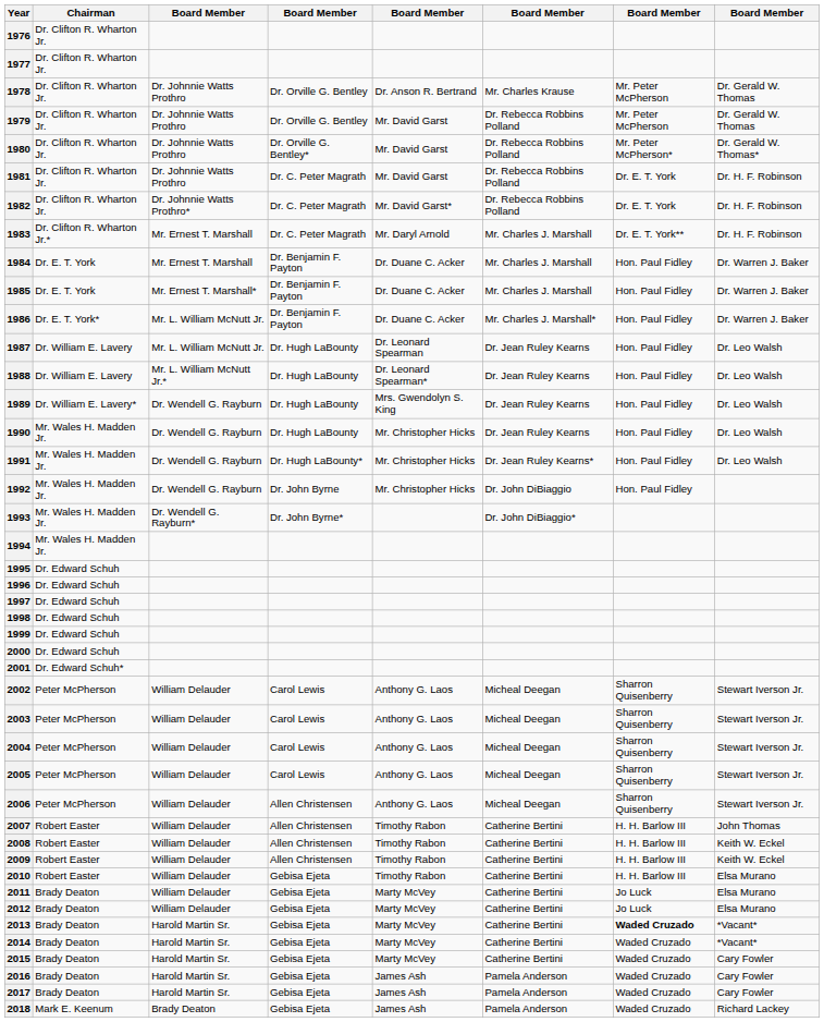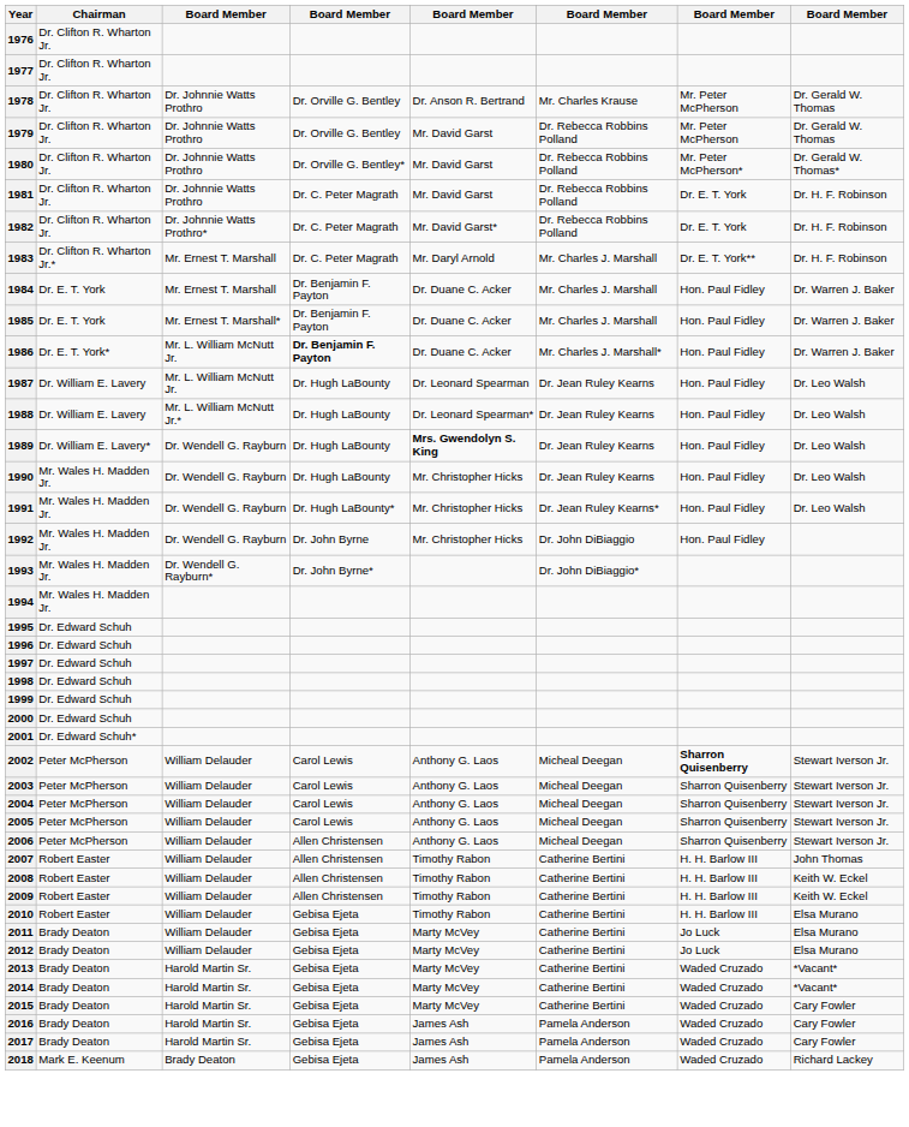 <table class="wikitable">
 <tr>
 <th>Year</th>
 <th>Chairman</th>
 <th>Board Member</th>
 <th>Board Member</th>
 <th>Board Member</th>
 <th>Board Member</th>
 <th>Board Member</th>
 <th>Board Member</th>
 </tr>
 <tr>
 <th>1976</th>
 <td>Dr. Clifton R. Wharton Jr.</td>
 <td></td>
 <td></td>
 <td></td>
 <td></td>
 <td></td>
 <td></td>
 </tr>
 <tr>
 <th>1977</th>
 <td>Dr. Clifton R. Wharton Jr.</td>
 <td></td>
 <td></td>
 <td></td>
 <td></td>
 <td></td>
 <td></td>
 </tr>
 <tr>
 <th>1978</th>
 <td>Dr. Clifton R. Wharton Jr.</td>
 <td>Dr. Johnnie Watts Prothro</td>
 <td>Dr. Orville G. Bentley</td>
 <td>Dr. Anson R. Bertrand</td>
 <td>Mr. Charles Krause</td>
 <td>Mr. Peter McPherson</td>
 <td>Dr. Gerald W. Thomas</td>
 </tr>
 <tr>
 <th>1979</th>
 <td>Dr. Clifton R. Wharton Jr.</td>
 <td>Dr. Johnnie Watts Prothro</td>
 <td>Dr. Orville G. Bentley</td>
 <td>Mr. David Garst</td>
 <td>Dr. Rebecca Robbins Polland</td>
 <td>Mr. Peter McPherson</td>
 <td>Dr. Gerald W. Thomas</td>
 </tr>
 <tr>
 <th>1980</th>
 <td>Dr. Clifton R. Wharton Jr.</td>
 <td>Dr. Johnnie Watts Prothro</td>
 <td>Dr. Orville G. Bentley*</td>
 <td>Mr. David Garst</td>
 <td>Dr. Rebecca Robbins Polland</td>
 <td>Mr. Peter McPherson*</td>
 <td>Dr. Gerald W. Thomas*</td>
 </tr>
 <tr>
 <th>1981</th>
 <td>Dr. Clifton R. Wharton Jr.</td>
 <td>Dr. Johnnie Watts Prothro</td>
 <td>Dr. C. Peter Magrath</td>
 <td>Mr. David Garst</td>
 <td>Dr. Rebecca Robbins Polland</td>
 <td>Dr. E. T. York</td>
 <td>Dr. H. F. Robinson</td>
 </tr>
 <tr>
 <th>1982</th>
 <td>Dr. Clifton R. Wharton Jr.</td>
 <td>Dr. Johnnie Watts Prothro*</td>
 <td>Dr. C. Peter Magrath</td>
 <td>Mr. David Garst*</td>
 <td>Dr. Rebecca Robbins Polland</td>
 <td>Dr. E. T. York</td>
 <td>Dr. H. F. Robinson</td>
 </tr>
 <tr>
 <th>1983</th>
 <td>Dr. Clifton R. Wharton Jr.*</td>
 <td>Mr. Ernest T. Marshall</td>
 <td>Dr. C. Peter Magrath</td>
 <td>Mr. Daryl Arnold</td>
 <td>Mr. Charles J. Marshall</td>
 <td>Dr. E. T. York**</td>
 <td>Dr. H. F. Robinson</td>
 </tr>
 <tr>
 <th>1984</th>
 <td>Dr. E. T. York</td>
 <td>Mr. Ernest T. Marshall</td>
 <td>Dr. Benjamin F. Payton</td>
 <td>Dr. Duane C. Acker</td>
 <td>Mr. Charles J. Marshall</td>
 <td>Hon. Paul Fidley</td>
 <td>Dr. Warren J. Baker</td>
 </tr>
 <tr>
 <th>1985</th>
 <td>Dr. E. T. York</td>
 <td>Mr. Ernest T. Marshall*</td>
 <td>Dr. Benjamin F. Payton</td>
 <td>Dr. Duane C. Acker</td>
 <td>Mr. Charles J. Marshall</td>
 <td>Hon. Paul Fidley</td>
 <td>Dr. Warren J. Baker</td>
 </tr>
 <tr>
 <th>1986</th>
 <td>Dr. E. T. York*</td>
 <td>Mr. L. William McNutt Jr.</td>
-<td>Dr. Benjamin F. Payton</td>
+<td><strong>Dr. Benjamin F. Payton</strong></td>
 <td>Dr. Duane C. Acker</td>
 <td>Mr. Charles J. Marshall*</td>
 <td>Hon. Paul Fidley</td>
 <td>Dr. Warren J. Baker</td>
 </tr>
 <tr>
 <th>1987</th>
 <td>Dr. William E. Lavery</td>
 <td>Mr. L. William McNutt Jr.</td>
 <td>Dr. Hugh LaBounty</td>
 <td>Dr. Leonard Spearman</td>
 <td>Dr. Jean Ruley Kearns</td>
 <td>Hon. Paul Fidley</td>
 <td>Dr. Leo Walsh</td>
 </tr>
 <tr>
 <th>1988</th>
 <td>Dr. William E. Lavery</td>
 <td>Mr. L. William McNutt Jr.*</td>
 <td>Dr. Hugh LaBounty</td>
 <td>Dr. Leonard Spearman*</td>
 <td>Dr. Jean Ruley Kearns</td>
 <td>Hon. Paul Fidley</td>
 <td>Dr. Leo Walsh</td>
 </tr>
 <tr>
 <th>1989</th>
 <td>Dr. William E. Lavery*</td>
 <td>Dr. Wendell G. Rayburn</td>
 <td>Dr. Hugh LaBounty</td>
-<td>Mrs. Gwendolyn S. King</td>
+<td><strong>Mrs. Gwendolyn S. King</strong></td>
 <td>Dr. Jean Ruley Kearns</td>
 <td>Hon. Paul Fidley</td>
 <td>Dr. Leo Walsh</td>
 </tr>
 <tr>
 <th>1990</th>
 <td>Mr. Wales H. Madden Jr.</td>
 <td>Dr. Wendell G. Rayburn</td>
 <td>Dr. Hugh LaBounty</td>
 <td>Mr. Christopher Hicks</td>
 <td>Dr. Jean Ruley Kearns</td>
 <td>Hon. Paul Fidley</td>
 <td>Dr. Leo Walsh</td>
 </tr>
 <tr>
 <th>1991</th>
 <td>Mr. Wales H. Madden Jr.</td>
 <td>Dr. Wendell G. Rayburn</td>
 <td>Dr. Hugh LaBounty*</td>
 <td>Mr. Christopher Hicks</td>
 <td>Dr. Jean Ruley Kearns*</td>
 <td>Hon. Paul Fidley</td>
 <td>Dr. Leo Walsh</td>
 </tr>
 <tr>
 <th>1992</th>
 <td>Mr. Wales H. Madden Jr.</td>
 <td>Dr. Wendell G. Rayburn</td>
 <td>Dr. John Byrne</td>
 <td>Mr. Christopher Hicks</td>
 <td>Dr. John DiBiaggio</td>
 <td>Hon. Paul Fidley</td>
 <td></td>
 </tr>
 <tr>
 <th>1993</th>
 <td>Mr. Wales H. Madden Jr.</td>
 <td>Dr. Wendell G. Rayburn*</td>
 <td>Dr. John Byrne*</td>
 <td></td>
 <td>Dr. John DiBiaggio*</td>
 <td></td>
 <td></td>
 </tr>
 <tr>
 <th>1994</th>
 <td>Mr. Wales H. Madden Jr.</td>
 <td></td>
 <td></td>
 <td></td>
 <td></td>
 <td></td>
 <td></td>
 </tr>
 <tr>
 <th>1995</th>
 <td>Dr. Edward Schuh</td>
 <td></td>
 <td></td>
 <td></td>
 <td></td>
 <td></td>
 <td></td>
 </tr>
 <tr>
 <th>1996</th>
 <td>Dr. Edward Schuh</td>
 <td></td>
 <td></td>
 <td></td>
 <td></td>
 <td></td>
 <td></td>
 </tr>
 <tr>
 <th>1997</th>
 <td>Dr. Edward Schuh</td>
 <td></td>
 <td></td>
 <td></td>
 <td></td>
 <td></td>
 <td></td>
 </tr>
 <tr>
 <th>1998</th>
 <td>Dr. Edward Schuh</td>
 <td></td>
 <td></td>
 <td></td>
 <td></td>
 <td></td>
 <td></td>
 </tr>
 <tr>
 <th>1999</th>
 <td>Dr. Edward Schuh</td>
 <td></td>
 <td></td>
 <td></td>
 <td></td>
 <td></td>
 <td></td>
 </tr>
 <tr>
 <th>2000</th>
 <td>Dr. Edward Schuh</td>
 <td></td>
 <td></td>
 <td></td>
 <td></td>
 <td></td>
 <td></td>
 </tr>
 <tr>
 <th>2001</th>
 <td>Dr. Edward Schuh*</td>
 <td></td>
 <td></td>
 <td></td>
 <td></td>
 <td></td>
 <td></td>
 </tr>
 <tr>
 <th>2002</th>
 <td>Peter McPherson</td>
 <td>William Delauder</td>
 <td>Carol Lewis</td>
 <td>Anthony G. Laos</td>
 <td>Micheal Deegan</td>
-<td>Sharron Quisenberry</td>
+<td><strong>Sharron Quisenberry</strong></td>
 <td>Stewart Iverson Jr.</td>
 </tr>
 <tr>
 <th>2003</th>
 <td>Peter McPherson</td>
 <td>William Delauder</td>
 <td>Carol Lewis</td>
 <td>Anthony G. Laos</td>
 <td>Micheal Deegan</td>
 <td>Sharron Quisenberry</td>
 <td>Stewart Iverson Jr.</td>
 </tr>
 <tr>
 <th>2004</th>
 <td>Peter McPherson</td>
 <td>William Delauder</td>
 <td>Carol Lewis</td>
 <td>Anthony G. Laos</td>
 <td>Micheal Deegan</td>
 <td>Sharron Quisenberry</td>
 <td>Stewart Iverson Jr.</td>
 </tr>
 <tr>
 <th>2005</th>
 <td>Peter McPherson</td>
 <td>William Delauder</td>
 <td>Carol Lewis</td>
 <td>Anthony G. Laos</td>
 <td>Micheal Deegan</td>
 <td>Sharron Quisenberry</td>
 <td>Stewart Iverson Jr.</td>
 </tr>
 <tr>
 <th>2006</th>
 <td>Peter McPherson</td>
 <td>William Delauder</td>
 <td>Allen Christensen</td>
 <td>Anthony G. Laos</td>
 <td>Micheal Deegan</td>
 <td>Sharron Quisenberry</td>
 <td>Stewart Iverson Jr.</td>
 </tr>
 <tr>
 <th>2007</th>
 <td>Robert Easter</td>
 <td>William Delauder</td>
 <td>Allen Christensen</td>
 <td>Timothy Rabon</td>
 <td>Catherine Bertini</td>
 <td>H. H. Barlow III</td>
 <td>John Thomas</td>
 </tr>
 <tr>
 <th>2008</th>
 <td>Robert Easter</td>
 <td>William Delauder</td>
 <td>Allen Christensen</td>
 <td>Timothy Rabon</td>
 <td>Catherine Bertini</td>
 <td>H. H. Barlow III</td>
 <td>Keith W. Eckel</td>
 </tr>
 <tr>
 <th>2009</th>
 <td>Robert Easter</td>
 <td>William Delauder</td>
 <td>Allen Christensen</td>
 <td>Timothy Rabon</td>
 <td>Catherine Bertini</td>
 <td>H. H. Barlow III</td>
 <td>Keith W. Eckel</td>
 </tr>
 <tr>
 <th>2010</th>
 <td>Robert Easter</td>
 <td>William Delauder</td>
 <td>Gebisa Ejeta</td>
 <td>Timothy Rabon</td>
 <td>Catherine Bertini</td>
 <td>H. H. Barlow III</td>
 <td>Elsa Murano</td>
 </tr>
 <tr>
 <th>2011</th>
 <td>Brady Deaton</td>
 <td>William Delauder</td>
 <td>Gebisa Ejeta</td>
 <td>Marty McVey</td>
 <td>Catherine Bertini</td>
 <td>Jo Luck</td>
 <td>Elsa Murano</td>
 </tr>
 <tr>
 <th>2012</th>
 <td>Brady Deaton</td>
 <td>William Delauder</td>
 <td>Gebisa Ejeta</td>
 <td>Marty McVey</td>
 <td>Catherine Bertini</td>
 <td>Jo Luck</td>
 <td>Elsa Murano</td>
 </tr>
 <tr>
 <th>2013</th>
 <td>Brady Deaton</td>
 <td>Harold Martin Sr.</td>
 <td>Gebisa Ejeta</td>
 <td>Marty McVey</td>
 <td>Catherine Bertini</td>
-<td><strong>Waded Cruzado</strong></td>
+<td>Waded Cruzado</td>
 <td>*Vacant*</td>
 </tr>
 <tr>
 <th>2014</th>
 <td>Brady Deaton</td>
 <td>Harold Martin Sr.</td>
 <td>Gebisa Ejeta</td>
 <td>Marty McVey</td>
 <td>Catherine Bertini</td>
 <td>Waded Cruzado</td>
 <td>*Vacant*</td>
 </tr>
 <tr>
 <th>2015</th>
 <td>Brady Deaton</td>
 <td>Harold Martin Sr.</td>
 <td>Gebisa Ejeta</td>
 <td>Marty McVey</td>
 <td>Catherine Bertini</td>
 <td>Waded Cruzado</td>
 <td>Cary Fowler</td>
 </tr>
 <tr>
 <th>2016</th>
 <td>Brady Deaton</td>
 <td>Harold Martin Sr.</td>
 <td>Gebisa Ejeta</td>
 <td>James Ash</td>
 <td>Pamela Anderson</td>
 <td>Waded Cruzado</td>
 <td>Cary Fowler</td>
 </tr>
 <tr>
 <th>2017</th>
 <td>Brady Deaton</td>
 <td>Harold Martin Sr.</td>
 <td>Gebisa Ejeta</td>
 <td>James Ash</td>
 <td>Pamela Anderson</td>
 <td>Waded Cruzado</td>
 <td>Cary Fowler</td>
 </tr>
 <tr>
 <th>2018</th>
 <td>Mark E. Keenum</td>
 <td>Brady Deaton</td>
 <td>Gebisa Ejeta</td>
 <td>James Ash</td>
 <td>Pamela Anderson</td>
 <td>Waded Cruzado</td>
 <td>Richard Lackey</td>
 </tr>
 </table>
